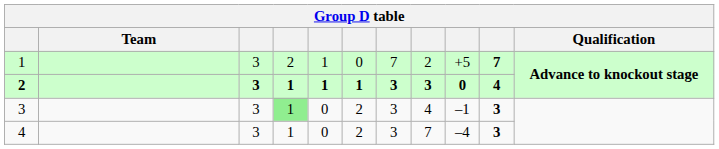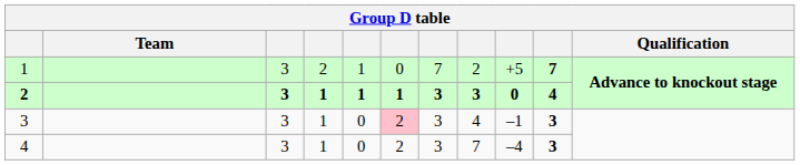 <table class="wikitable" style="text-align: center;">
 <tr>
 <th colspan="11"><a href='#'>Group D</a> table</th>
 </tr>
 <tr>
 <th width=30></th>
 <th width="210">Team</th>
 <th width=30></th>
 <th width=30></th>
 <th width=30></th>
 <th width=30></th>
 <th width=30></th>
 <th width=30></th>
 <th width=30></th>
 <th width=30></th>
 <th width=210>Qualification</th>
 </tr>
 <tr style="background:#cfc;">
 <td>1</td>
 <td align="left"></td>
 <td>3</td>
 <td>2</td>
 <td>1</td>
 <td>0</td>
 <td>7</td>
 <td>2</td>
 <td>+5</td>
 <td><strong>7</strong></td>
 <td rowspan="2"><strong>Advance to knockout stage</strong></td>
 </tr>
 <tr style="background:#cfc;">
 <td><strong>2</strong></td>
 <td align="left"><strong></strong></td>
 <td><strong>3</strong></td>
 <td><strong>1</strong></td>
 <td><strong>1</strong></td>
 <td><strong>1</strong></td>
 <td><strong>3</strong></td>
 <td><strong>3</strong></td>
 <td><strong>0</strong></td>
 <td><strong>4</strong></td>
 </tr>
 <tr>
 <td>3</td>
 <td align="left"></td>
 <td>3</td>
-<td style="background: lightgreen;">1</td>
+<td>1</td>
 <td>0</td>
-<td>2</td>
+<td style="background: pink;">2</td>
 <td>3</td>
 <td>4</td>
 <td>–1</td>
 <td><strong>3</strong></td>
 <td rowspan="2"></td>
 </tr>
 <tr>
 <td>4</td>
 <td align="left"></td>
 <td>3</td>
 <td>1</td>
 <td>0</td>
 <td>2</td>
 <td>3</td>
 <td>7</td>
 <td>–4</td>
 <td><strong>3</strong></td>
 </tr>
 </table>
